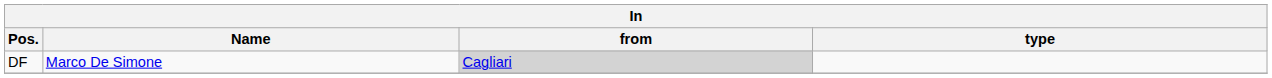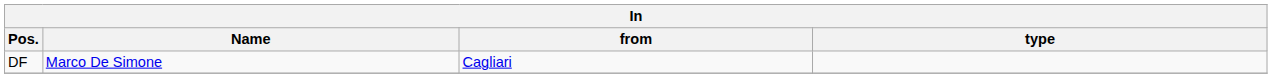 <table class="wikitable" style="font-size:90%;width:99%;">
 <tr>
 <th colspan="4">In</th>
 </tr>
 <tr>
 <th width=3%>Pos.</th>
 <th width=33%>Name</th>
 <th width=28%>from</th>
 <th width=36%>type</th>
 </tr>
 <tr>
 <td>DF</td>
 <td><a href='#'>Marco De Simone</a></td>
-<td style="background: lightgrey;"><a href='#'>Cagliari</a></td>
+<td><a href='#'>Cagliari</a></td>
 <td></td>
 </tr>
 <tr>
 </tr>
 </table>
